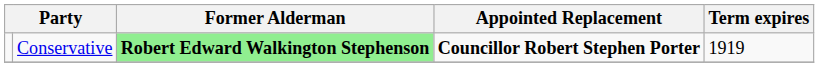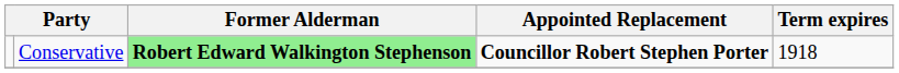 <table class="wikitable">
 <tr>
 <th colspan="2">Party</th>
 <th>Former Alderman</th>
 <th>Appointed Replacement</th>
 <th>Term expires</th>
 </tr>
 <tr>
 <td style="background-color:"></td>
 <td><a href='#'>Conservative</a></td>
 <td style="background: lightgreen;"><strong>Robert Edward Walkington Stephenson</strong></td>
 <td><strong>Councillor Robert Stephen Porter</strong></td>
-<td>1919</td>
+<td>1918</td>
 </tr>
 <tr>
 </tr>
 </table>
